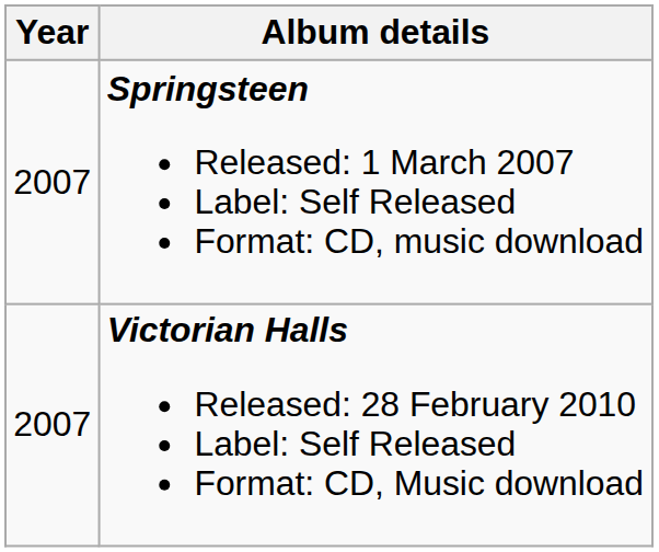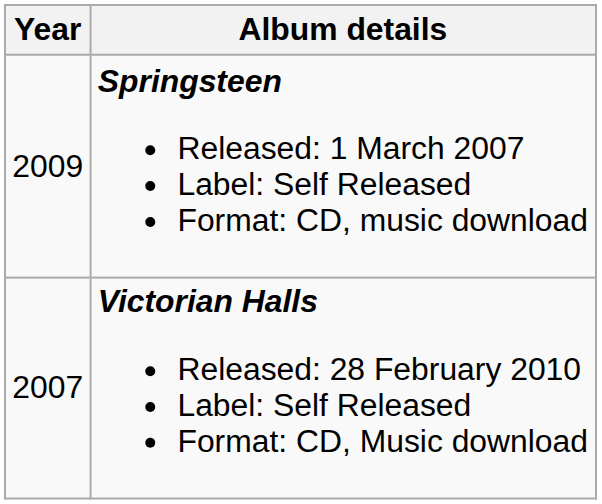 <table class="wikitable">
 <tr>
 <th>Year</th>
 <th>Album details</th>
 </tr>
 <tr>
-<td>2007</td>
+<td>2009</td>
 <td><strong><em>Springsteen</em></strong><br><ul><li>Released: 1 March 2007</li><li>Label: Self Released</li><li>Format: CD, music download</li></ul></td>
 </tr>
 <tr>
 <td>2007</td>
 <td><strong><em>Victorian Halls</em></strong><br><ul><li>Released: 28 February 2010</li><li>Label: Self Released</li><li>Format: CD, Music download</li></ul></td>
 </tr>
 </table>
